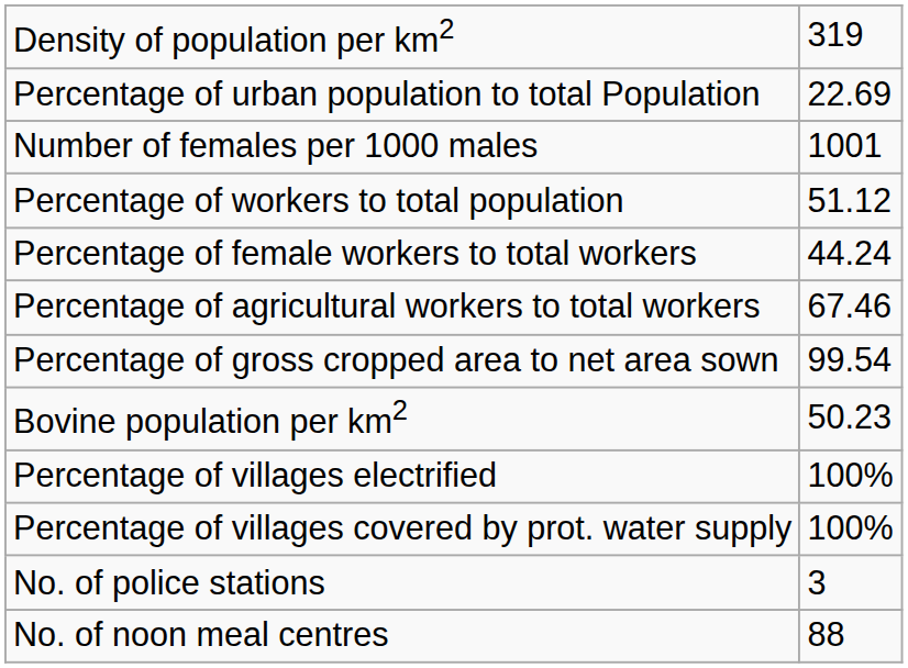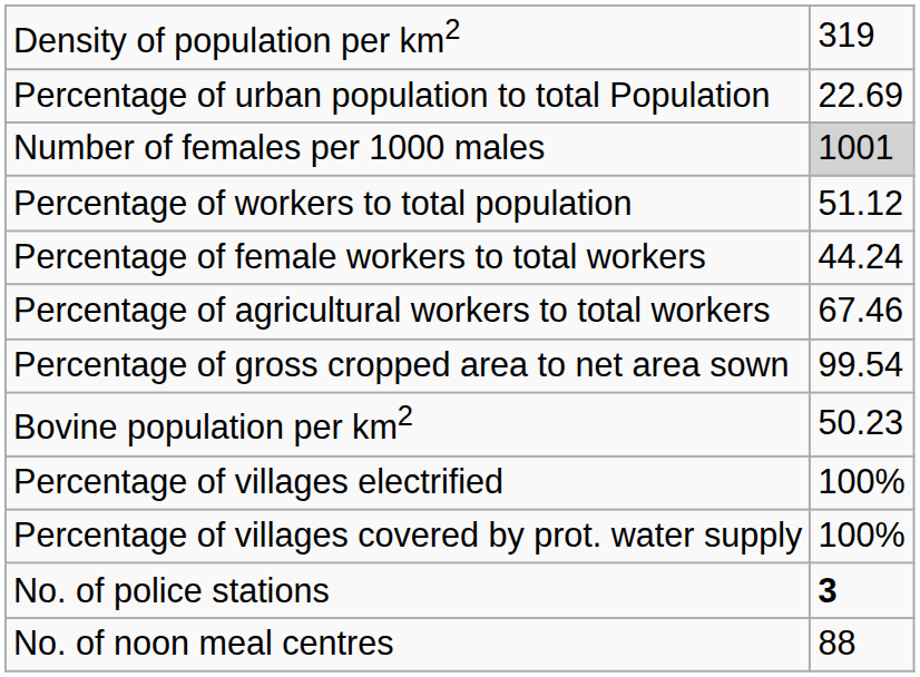 <table class="wikitable">
 <tr>
 <td>Density of population per km<sup>2</sup></td>
 <td>319</td>
 </tr>
 <tr>
 <td>Percentage of urban population to total Population</td>
 <td>22.69</td>
 </tr>
 <tr>
 <td>Number of females per 1000 males</td>
-<td>1001</td>
+<td style="background: lightgrey;">1001</td>
 </tr>
 <tr>
 <td>Percentage of workers to total population</td>
 <td>51.12</td>
 </tr>
 <tr>
 <td>Percentage of female workers to total workers</td>
 <td>44.24</td>
 </tr>
 <tr>
 <td>Percentage of agricultural workers to total workers</td>
 <td>67.46</td>
 </tr>
 <tr>
 <td>Percentage of gross cropped area to net area sown</td>
 <td>99.54</td>
 </tr>
 <tr>
 <td>Bovine population per km<sup>2</sup></td>
 <td>50.23</td>
 </tr>
 <tr>
 <td>Percentage of villages electrified</td>
 <td>100%</td>
 </tr>
 <tr>
 <td>Percentage of villages covered by prot. water supply</td>
 <td>100%</td>
 </tr>
 <tr>
 <td>No. of police stations</td>
-<td>3</td>
+<td><strong>3</strong></td>
 </tr>
 <tr>
 <td>No. of noon meal centres</td>
 <td>88</td>
 </tr>
 </table>
